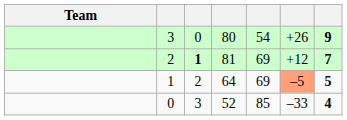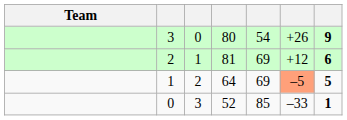 <table class="wikitable" style="text-align:center;">
 <tr>
 <th style="width:10.5em;">Team</th>
 <th style="width:1.5em;"></th>
 <th style="width:1.5em;"></th>
 <th style="width:2.0em;"></th>
 <th style="width:2.0em;"></th>
 <th style="width:2.0em;"></th>
 <th style="width:1.5em;"></th>
 </tr>
 <tr bgcolor="#cfc">
 <td align="left"></td>
 <td>3</td>
 <td>0</td>
 <td>80</td>
 <td>54</td>
 <td>+26</td>
 <td><strong>9</strong></td>
 </tr>
 <tr bgcolor="#cfc">
 <td align="left"></td>
 <td>2</td>
-<td><strong>1</strong></td>
+<td>1</td>
 <td>81</td>
 <td>69</td>
 <td>+12</td>
-<td><strong>7</strong></td>
+<td><strong>6</strong></td>
 </tr>
 <tr>
 <td align="left"></td>
 <td>1</td>
 <td>2</td>
 <td>64</td>
 <td>69</td>
 <td style="background: lightsalmon;">–5</td>
 <td><strong>5</strong></td>
 </tr>
 <tr>
 <td align="left"></td>
 <td>0</td>
 <td>3</td>
 <td>52</td>
 <td>85</td>
 <td>–33</td>
-<td><strong>4</strong></td>
+<td><strong>1</strong></td>
 </tr>
 </table>
